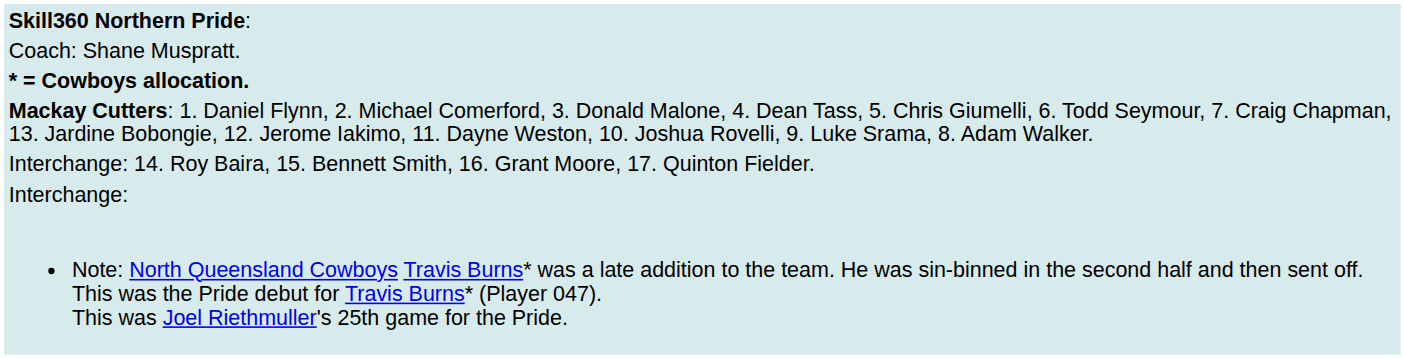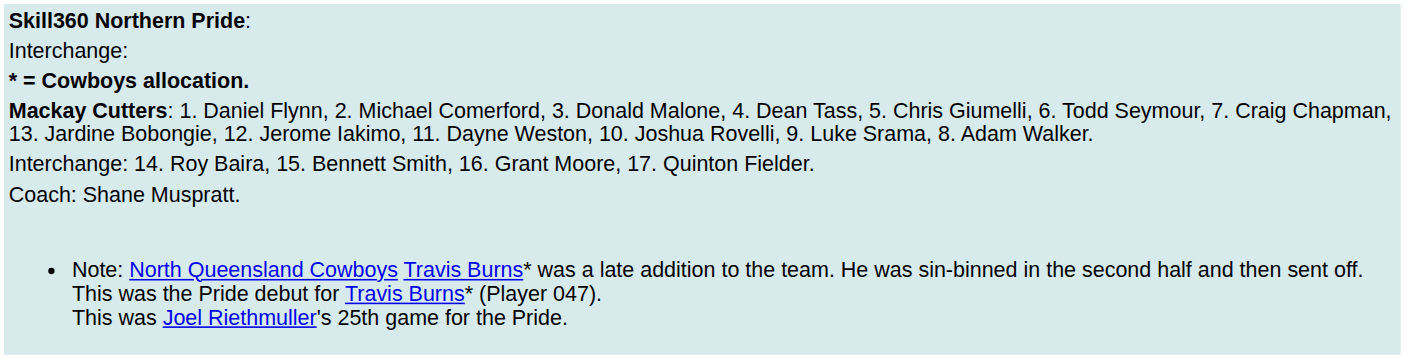 <table style="background:#d7ebed; font-size:85%; width:100%;">
 <tr>
 <td><strong>Skill360 Northern Pride</strong>:             </td>
 </tr>
 <tr>
-<td>Coach: Shane Muspratt.</td>
+<td>Interchange:    </td>
 </tr>
 <tr>
 <td><strong>* = Cowboys allocation.</strong></td>
 </tr>
 <tr>
 <td><strong>Mackay Cutters</strong>: 1. Daniel Flynn, 2. Michael Comerford, 3. Donald Malone, 4. Dean Tass, 5. Chris Giumelli, 6. Todd Seymour, 7. Craig Chapman, 13. Jardine Bobongie, 12. Jerome Iakimo, 11. Dayne Weston, 10. Joshua Rovelli, 9. Luke Srama, 8. Adam Walker.</td>
 </tr>
 <tr>
 <td>Interchange: 14. Roy Baira, 15. Bennett Smith, 16. Grant Moore, 17. Quinton Fielder.</td>
 </tr>
 <tr>
-<td>Interchange:    </td>
+<td>Coach: Shane Muspratt.</td>
 </tr>
 <tr>
 <td><br><ul><li>Note: <a href='#'>North Queensland Cowboys</a> <a href='#'>Travis Burns</a>* was a late addition to the team. He was sin-binned in the second half and then sent off.<br>This was the Pride debut for <a href='#'>Travis Burns</a>* (Player 047).<br>This was <a href='#'>Joel Riethmuller</a>'s 25th game for the Pride.</li></ul></td>
 </tr>
 </table>
